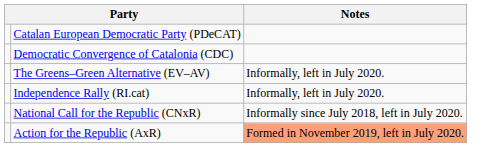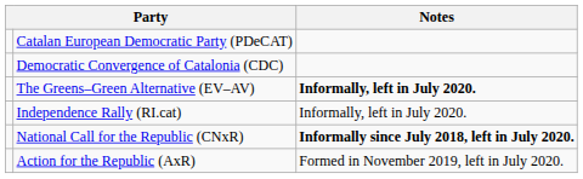 <table class="wikitable" style="text-align:left; font-size:95%;">
 <tr>
 <th colspan="2">Party</th>
 <th colspan="2">Notes</th>
 </tr>
 <tr>
 <td width="1"></td>
 <td><a href='#'>Catalan European Democratic Party</a> (PDeCAT)</td>
 <td></td>
 </tr>
 <tr>
 <td></td>
 <td><a href='#'>Democratic Convergence of Catalonia</a> (CDC)</td>
 <td></td>
 </tr>
 <tr>
 <td></td>
 <td><a href='#'>The Greens–Green Alternative</a> (EV–AV)</td>
-<td>Informally, left in July 2020.</td>
+<td><strong>Informally, left in July 2020.</strong></td>
 </tr>
 <tr>
 <td></td>
 <td><a href='#'>Independence Rally</a> (RI.cat)</td>
 <td>Informally, left in July 2020.</td>
 </tr>
 <tr>
 <td></td>
 <td><a href='#'>National Call for the Republic</a> (CNxR)</td>
-<td>Informally since July 2018, left in July 2020.</td>
+<td><strong>Informally since July 2018, left in July 2020.</strong></td>
 </tr>
 <tr>
 <td></td>
 <td><a href='#'>Action for the Republic</a> (AxR)</td>
-<td style="background: lightsalmon;">Formed in November 2019, left in July 2020.</td>
+<td>Formed in November 2019, left in July 2020.</td>
 </tr>
 </table>
